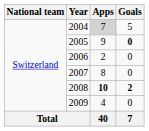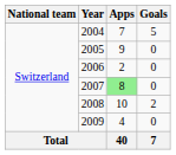 <table class="wikitable" style="text-align:center">
 <tr>
 <th>National team</th>
 <th>Year</th>
 <th>Apps</th>
 <th>Goals</th>
 </tr>
 <tr>
 <td rowspan="6"><a href='#'>Switzerland</a></td>
 <td>2004</td>
-<td style="background: lightgrey;">7</td>
+<td>7</td>
 <td>5</td>
 </tr>
 <tr>
 <td>2005</td>
 <td>9</td>
-<td><strong>0</strong></td>
+<td>0</td>
 </tr>
 <tr>
 <td>2006</td>
 <td>2</td>
 <td>0</td>
 </tr>
 <tr>
 <td>2007</td>
-<td>8</td>
+<td style="background: lightgreen;">8</td>
 <td>0</td>
 </tr>
 <tr>
 <td>2008</td>
-<td><strong>10</strong></td>
-<td><strong>2</strong></td>
+<td>10</td>
+<td>2</td>
 </tr>
 <tr>
 <td>2009</td>
 <td>4</td>
 <td>0</td>
 </tr>
 <tr>
 <th colspan="2">Total</th>
 <th>40</th>
 <th>7</th>
 </tr>
 </table>
